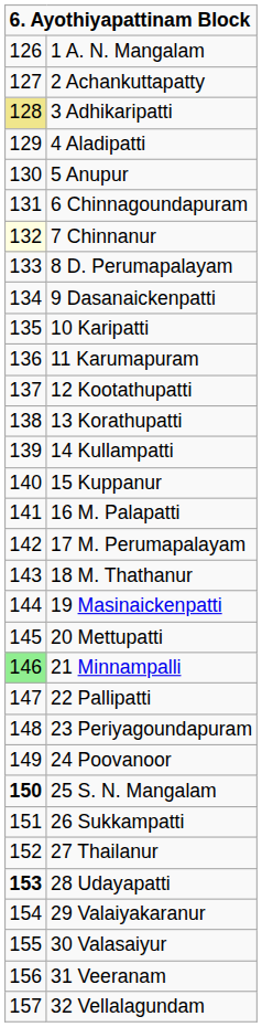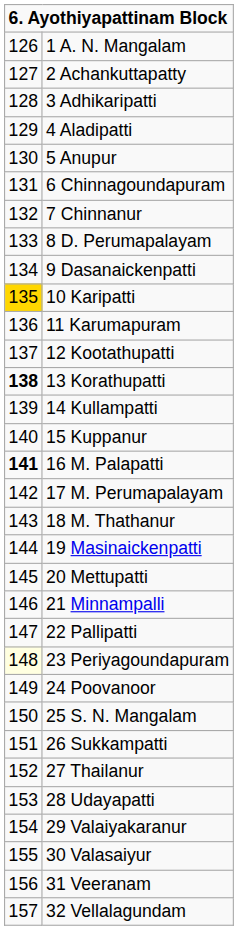 <table class="wikitable">
 <tr>
 <td colspan="2"><strong>6. Ayothiyapattinam Block</strong></td>
 </tr>
 <tr>
 <td>126</td>
 <td>1 A. N. Mangalam</td>
 </tr>
 <tr>
 <td>127</td>
 <td>2 Achankuttapatty</td>
 </tr>
 <tr>
-<td style="background: khaki;">128</td>
+<td>128</td>
 <td>3 Adhikaripatti</td>
 </tr>
 <tr>
 <td>129</td>
 <td>4 Aladipatti</td>
 </tr>
 <tr>
 <td>130</td>
 <td>5 Anupur</td>
 </tr>
 <tr>
 <td>131</td>
 <td>6 Chinnagoundapuram</td>
 </tr>
 <tr>
-<td style="background: lightyellow;">132</td>
+<td>132</td>
 <td>7 Chinnanur</td>
 </tr>
 <tr>
 <td>133</td>
 <td>8 D. Perumapalayam</td>
 </tr>
 <tr>
 <td>134</td>
 <td>9 Dasanaickenpatti</td>
 </tr>
 <tr>
-<td>135</td>
+<td style="background: gold;">135</td>
 <td>10 Karipatti</td>
 </tr>
 <tr>
 <td>136</td>
 <td>11 Karumapuram</td>
 </tr>
 <tr>
 <td>137</td>
 <td>12 Kootathupatti</td>
 </tr>
 <tr>
-<td>138</td>
+<td><strong>138</strong></td>
 <td>13 Korathupatti</td>
 </tr>
 <tr>
 <td>139</td>
 <td>14 Kullampatti</td>
 </tr>
 <tr>
 <td>140</td>
 <td>15 Kuppanur</td>
 </tr>
 <tr>
-<td>141</td>
+<td><strong>141</strong></td>
 <td>16 M. Palapatti</td>
 </tr>
 <tr>
 <td>142</td>
 <td>17 M. Perumapalayam</td>
 </tr>
 <tr>
 <td>143</td>
 <td>18 M. Thathanur</td>
 </tr>
 <tr>
 <td>144</td>
 <td>19 <a href='#'>Masinaickenpatti</a></td>
 </tr>
 <tr>
 <td>145</td>
 <td>20 Mettupatti</td>
 </tr>
 <tr>
-<td style="background: lightgreen;">146</td>
+<td>146</td>
 <td>21 <a href='#'>Minnampalli</a></td>
 </tr>
 <tr>
 <td>147</td>
 <td>22 Pallipatti</td>
 </tr>
 <tr>
-<td>148</td>
+<td style="background: lightyellow;">148</td>
 <td>23 Periyagoundapuram</td>
 </tr>
 <tr>
 <td>149</td>
 <td>24 Poovanoor</td>
 </tr>
 <tr>
-<td><strong>150</strong></td>
+<td>150</td>
 <td>25 S. N. Mangalam</td>
 </tr>
 <tr>
 <td>151</td>
 <td>26 Sukkampatti</td>
 </tr>
 <tr>
 <td>152</td>
 <td>27 Thailanur</td>
 </tr>
 <tr>
-<td><strong>153</strong></td>
+<td>153</td>
 <td>28 Udayapatti</td>
 </tr>
 <tr>
 <td>154</td>
 <td>29 Valaiyakaranur</td>
 </tr>
 <tr>
 <td>155</td>
 <td>30 Valasaiyur</td>
 </tr>
 <tr>
 <td>156</td>
 <td>31 Veeranam</td>
 </tr>
 <tr>
 <td>157</td>
 <td>32 Vellalagundam</td>
 </tr>
 </table>
